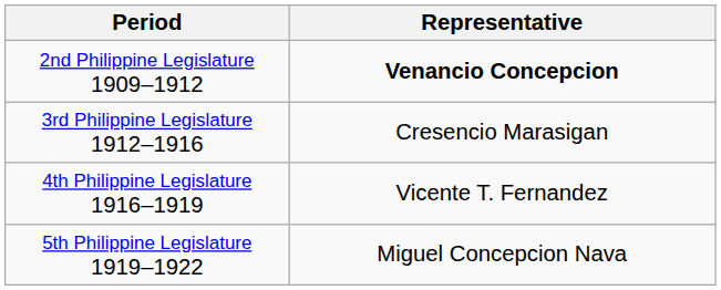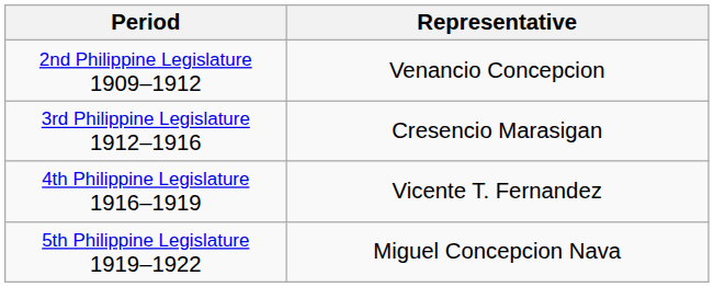 <table class="wikitable" style="text-align:center; width:40%;">
 <tr>
 <th width="40%">Period</th>
 <th>Representative</th>
 </tr>
 <tr>
 <td><small><a href='#'>2nd Philippine Legislature</a></small><br>1909–1912</td>
-<td><strong>Venancio Concepcion</strong></td>
+<td>Venancio Concepcion</td>
 </tr>
 <tr>
 <td><small><a href='#'>3rd Philippine Legislature</a></small><br>1912–1916</td>
 <td>Cresencio Marasigan</td>
 </tr>
 <tr>
 <td><small><a href='#'>4th Philippine Legislature</a></small><br>1916–1919</td>
 <td>Vicente T. Fernandez</td>
 </tr>
 <tr>
 <td><small><a href='#'>5th Philippine Legislature</a></small><br>1919–1922</td>
 <td>Miguel Concepcion Nava</td>
 </tr>
 </table>
